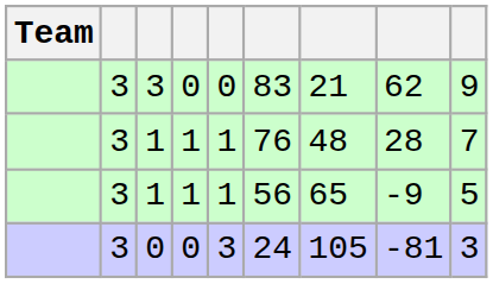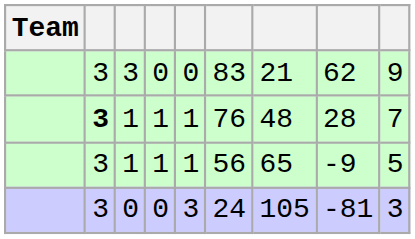 <table class="wikitable">
 <tr>
 <th>Team</th>
 <th></th>
 <th></th>
 <th></th>
 <th></th>
 <th></th>
 <th></th>
 <th></th>
 <th></th>
 </tr>
 <tr bgcolor="ccffcc">
 <td align="left"></td>
 <td>3</td>
 <td>3</td>
 <td>0</td>
 <td>0</td>
 <td>83</td>
 <td>21</td>
 <td>62</td>
 <td>9</td>
 </tr>
 <tr bgcolor="ccffcc">
 <td align="left"></td>
-<td>3</td>
+<td><strong>3</strong></td>
 <td>1</td>
 <td>1</td>
 <td>1</td>
 <td>76</td>
 <td>48</td>
 <td>28</td>
 <td>7</td>
 </tr>
 <tr bgcolor="ccffcc">
 <td align="left"></td>
 <td>3</td>
 <td>1</td>
 <td>1</td>
 <td>1</td>
 <td>56</td>
 <td>65</td>
 <td>-9</td>
 <td>5</td>
 </tr>
 <tr bgcolor="ccccff">
 <td align="left"></td>
 <td>3</td>
 <td>0</td>
 <td>0</td>
 <td>3</td>
 <td>24</td>
 <td>105</td>
 <td>-81</td>
 <td>3</td>
 </tr>
 </table>
